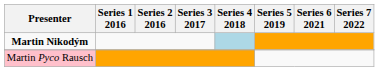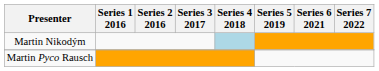 <table class="wikitable" style="text-align:center">
 <tr>
 <th>Presenter</th>
 <th>Series 1<br>2016</th>
 <th>Series 2<br>2016</th>
 <th>Series 3<br>2017</th>
 <th>Series 4<br>2018</th>
 <th>Series 5<br>2019</th>
 <th>Series 6<br>2021</th>
 <th>Series 7<br>2022</th>
 </tr>
 <tr>
-<td><strong>Martin Nikodým</strong></td>
+<td>Martin Nikodým</td>
 <td colspan="3"></td>
 <td colspan="1" style="background:lightblue;"></td>
 <td colspan="3" style="background:orange;"></td>
 </tr>
 <tr>
 </tr>
 <tr>
-<td style="background: pink;">Martin <em>Pyco</em> Rausch</td>
+<td>Martin <em>Pyco</em> Rausch</td>
 <td colspan="4" style="background:orange;"></td>
 <td colspan="3"></td>
 </tr>
 </table>
